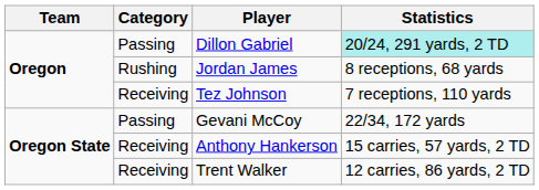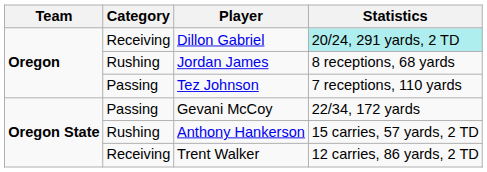 <table class="wikitable" style="float: right;">
 <tr>
 <th>Team</th>
 <th>Category</th>
 <th>Player</th>
 <th>Statistics</th>
 </tr>
 <tr>
 <td rowspan=3><strong>Oregon</strong></td>
-<td>Passing</td>
+<td>Receiving</td>
 <td><a href='#'>Dillon Gabriel</a></td>
 <td style="background: paleturquoise;">20/24, 291 yards, 2 TD</td>
 </tr>
 <tr>
 <td>Rushing</td>
 <td><a href='#'>Jordan James</a></td>
 <td>8 receptions, 68 yards</td>
 </tr>
 <tr>
-<td>Receiving</td>
+<td>Passing</td>
 <td><a href='#'>Tez Johnson</a></td>
 <td>7 receptions, 110 yards</td>
 </tr>
 <tr>
 <td rowspan=3><strong>Oregon State</strong></td>
 <td>Passing</td>
 <td>Gevani McCoy</td>
 <td>22/34, 172 yards</td>
 </tr>
 <tr>
-<td>Receiving</td>
+<td>Rushing</td>
 <td><a href='#'>Anthony Hankerson</a></td>
 <td>15 carries, 57 yards, 2 TD</td>
 </tr>
 <tr>
 <td>Receiving</td>
 <td>Trent Walker</td>
 <td>12 carries, 86 yards, 2 TD</td>
 </tr>
 </table>
